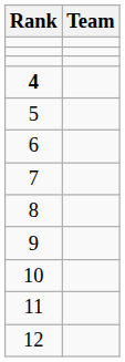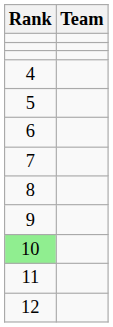 <table class=wikitable style="text-align:center;">
 <tr>
 <th>Rank</th>
 <th>Team</th>
 </tr>
 <tr>
 <td></td>
 <td align=left></td>
 </tr>
 <tr>
 <td></td>
 <td align=left></td>
 </tr>
 <tr>
 <td></td>
 <td align=left></td>
 </tr>
 <tr>
-<td><strong>4</strong></td>
+<td>4</td>
 <td align=left></td>
 </tr>
 <tr>
 <td>5</td>
 <td align=left></td>
 </tr>
 <tr>
 <td>6</td>
 <td align=left></td>
 </tr>
 <tr>
 <td>7</td>
 <td align=left></td>
 </tr>
 <tr>
 <td>8</td>
 <td align=left></td>
 </tr>
 <tr>
 <td>9</td>
 <td align=left></td>
 </tr>
 <tr>
-<td>10</td>
+<td style="background: lightgreen;">10</td>
 <td align=left></td>
 </tr>
 <tr>
 <td>11</td>
 <td align=left></td>
 </tr>
 <tr>
 <td>12</td>
 <td align=left></td>
 </tr>
 </table>
